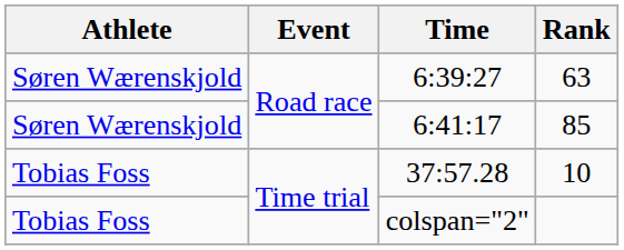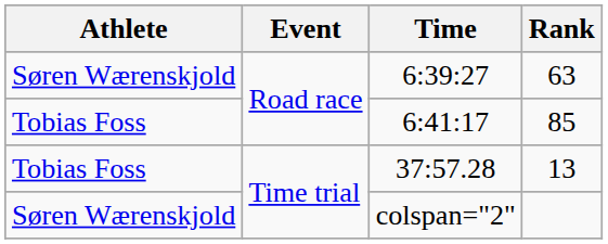 <table class=wikitable style=font-size:95%;text-align:center>
 <tr>
 <th>Athlete</th>
 <th>Event</th>
 <th>Time</th>
 <th>Rank</th>
 </tr>
 <tr align=center>
 <td align=left><a href='#'>Søren Wærenskjold</a></td>
 <td align=left rowspan=2><a href='#'>Road race</a></td>
 <td>6:39:27</td>
 <td>63</td>
 </tr>
 <tr align=center>
-<td align=left><a href='#'>Søren Wærenskjold</a></td>
+<td align=left><a href='#'>Tobias Foss</a></td>
 <td>6:41:17</td>
 <td>85</td>
 </tr>
 <tr align=center>
 <td align=left><a href='#'>Tobias Foss</a></td>
 <td align=left rowspan=2><a href='#'>Time trial</a></td>
 <td>37:57.28</td>
-<td>10</td>
+<td>13</td>
 </tr>
 <tr align=center>
-<td align=left><a href='#'>Tobias Foss</a></td>
+<td align=left><a href='#'>Søren Wærenskjold</a></td>
 <td>colspan="2" </td>
 </tr>
 </table>
